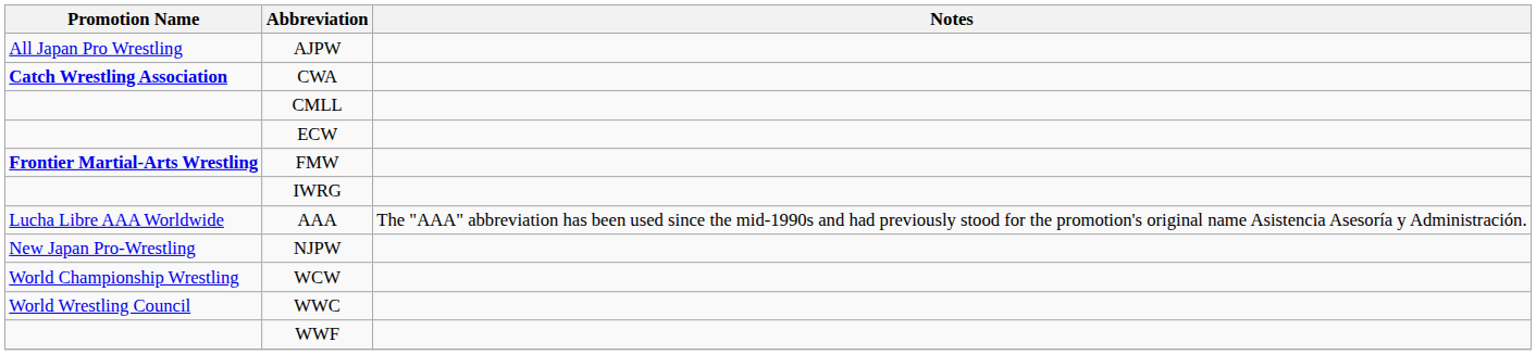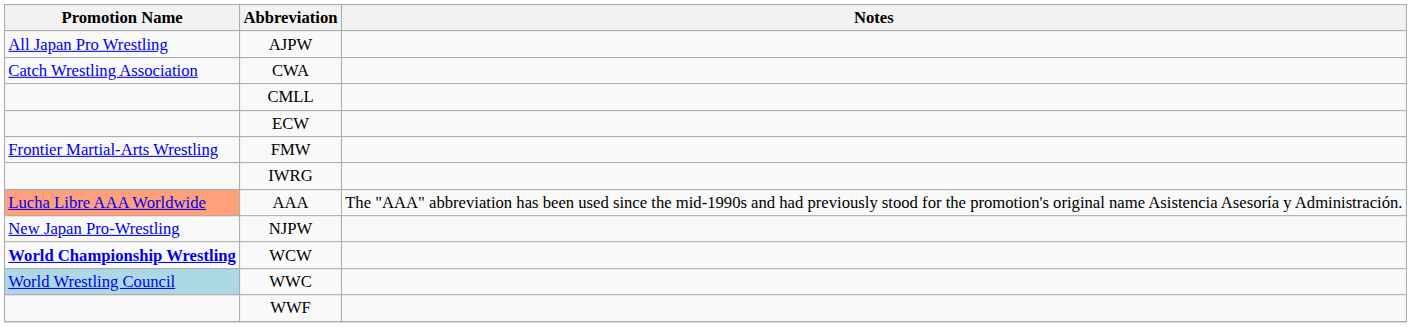 <table class="wikitable">
 <tr>
 <th>Promotion Name</th>
 <th>Abbreviation</th>
 <th>Notes</th>
 </tr>
 <tr>
 </tr>
 <tr>
 <td><a href='#'>All Japan Pro Wrestling</a></td>
 <td align=center>AJPW</td>
 <td></td>
 </tr>
 <tr>
-<td><strong><a href='#'>Catch Wrestling Association</a></strong></td>
+<td><a href='#'>Catch Wrestling Association</a></td>
 <td align=center>CWA</td>
 <td></td>
 </tr>
 <tr>
 <td></td>
 <td align=center>CMLL</td>
 <td></td>
 </tr>
 <tr>
 <td></td>
 <td align=center>ECW</td>
 <td></td>
 </tr>
 <tr>
-<td><strong><a href='#'>Frontier Martial-Arts Wrestling</a></strong></td>
+<td><a href='#'>Frontier Martial-Arts Wrestling</a></td>
 <td align=center>FMW</td>
 <td></td>
 </tr>
 <tr>
 <td></td>
 <td align=center>IWRG</td>
 <td></td>
 </tr>
 <tr>
-<td><a href='#'>Lucha Libre AAA Worldwide</a></td>
+<td style="background: lightsalmon;"><a href='#'>Lucha Libre AAA Worldwide</a></td>
 <td align=center>AAA</td>
 <td>The "AAA" abbreviation has been used since the mid-1990s and had previously stood for the promotion's original name Asistencia Asesoría y Administración.</td>
 </tr>
 <tr>
 <td><a href='#'>New Japan Pro-Wrestling</a></td>
 <td align=center>NJPW</td>
 <td></td>
 </tr>
 <tr>
-<td><a href='#'>World Championship Wrestling</a></td>
+<td><strong><a href='#'>World Championship Wrestling</a></strong></td>
 <td align=center>WCW</td>
 <td></td>
 </tr>
 <tr>
-<td><a href='#'>World Wrestling Council</a></td>
+<td style="background: lightblue;"><a href='#'>World Wrestling Council</a></td>
 <td align=center>WWC</td>
 <td></td>
 </tr>
 <tr>
 <td></td>
 <td align=center>WWF</td>
 <td></td>
 </tr>
 <tr>
 </tr>
 </table>
